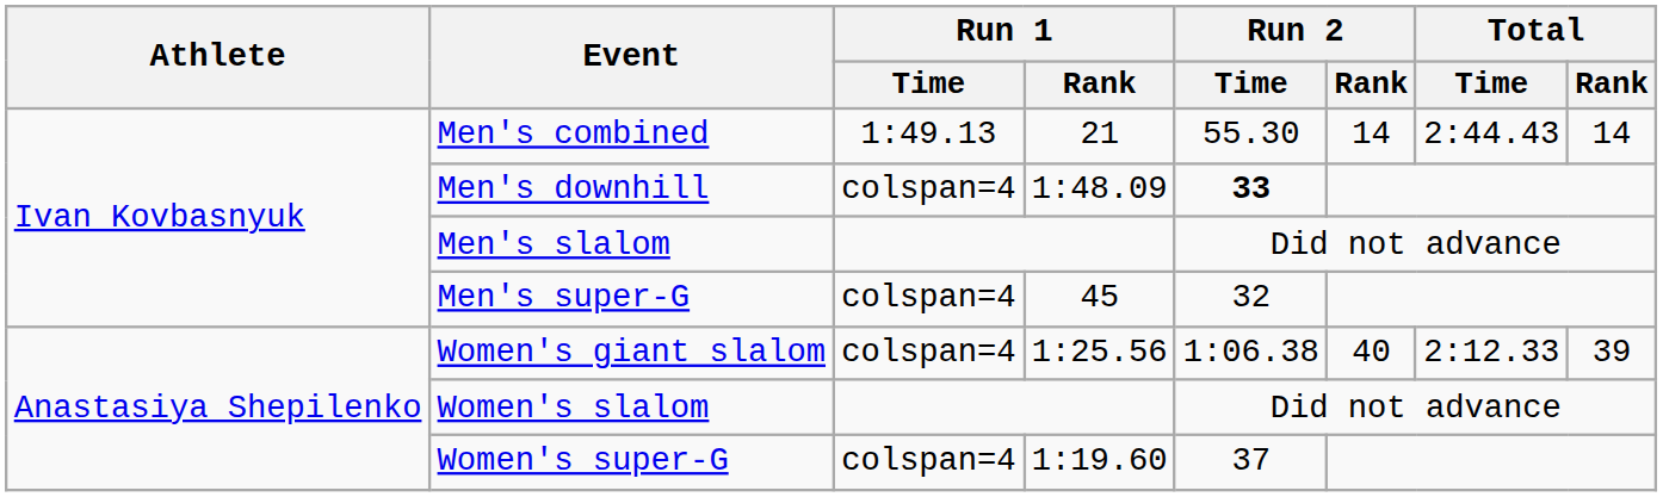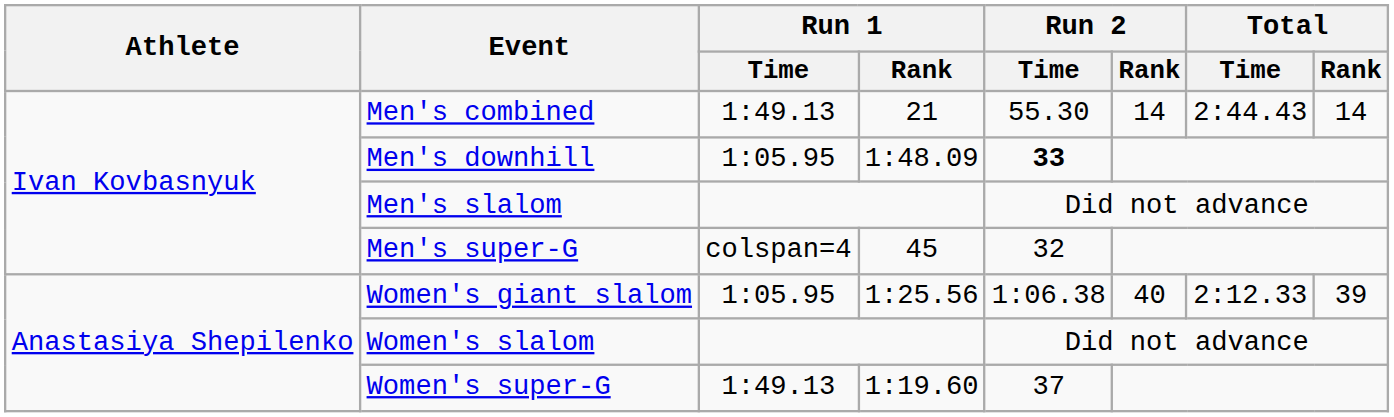 <table class=wikitable style=font-size:90%;text-align:center>
 <tr>
 <th rowspan=2>Athlete</th>
 <th rowspan=2>Event</th>
 <th colspan=2>Run 1</th>
 <th colspan=2>Run 2</th>
 <th colspan=2>Total</th>
 </tr>
 <tr style=font-size:95%>
 <th>Time</th>
 <th>Rank</th>
 <th>Time</th>
 <th>Rank</th>
 <th>Time</th>
 <th>Rank</th>
 </tr>
 <tr>
 <td align=left rowspan=4><a href='#'>Ivan Kovbasnyuk</a></td>
 <td align=left><a href='#'>Men's combined</a></td>
 <td>1:49.13</td>
 <td>21</td>
 <td>55.30</td>
 <td>14</td>
 <td>2:44.43</td>
 <td>14</td>
 </tr>
 <tr>
 <td align=left><a href='#'>Men's downhill</a></td>
-<td>colspan=4 </td>
+<td>1:05.95</td>
 <td>1:48.09</td>
 <td><strong>33</strong></td>
 </tr>
 <tr>
 <td align=left><a href='#'>Men's slalom</a></td>
 <td colspan=2></td>
 <td colspan=4>Did not advance</td>
 </tr>
 <tr>
 <td align=left><a href='#'>Men's super-G</a></td>
 <td>colspan=4 </td>
 <td>45</td>
 <td>32</td>
 </tr>
 <tr>
 <td align=left rowspan=3><a href='#'>Anastasiya Shepilenko</a></td>
 <td align=left><a href='#'>Women's giant slalom</a></td>
-<td>colspan=4 </td>
+<td>1:05.95</td>
 <td>1:25.56</td>
 <td>1:06.38</td>
 <td>40</td>
 <td>2:12.33</td>
 <td>39</td>
 </tr>
 <tr>
 <td align=left><a href='#'>Women's slalom</a></td>
 <td colspan=2></td>
 <td colspan=4>Did not advance</td>
 </tr>
 <tr>
 <td align=left><a href='#'>Women's super-G</a></td>
-<td>colspan=4 </td>
+<td>1:49.13</td>
 <td>1:19.60</td>
 <td>37</td>
 </tr>
 </table>
